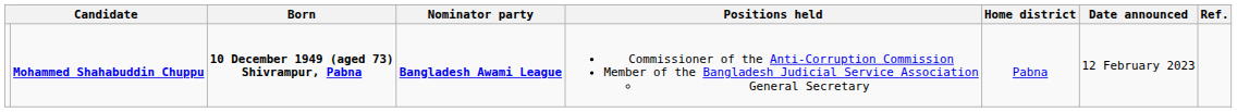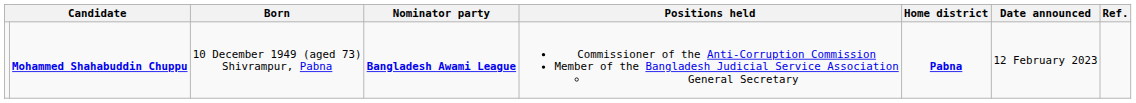 <table class="wikitable" style="text-align:center">
 <tr>
 <th colspan=2>Candidate</th>
 <th>Born</th>
 <th>Nominator party</th>
 <th>Positions held</th>
 <th>Home district</th>
 <th>Date announced</th>
 <th>Ref.</th>
 </tr>
 <tr>
 <td></td>
 <td><br><strong><a href='#'>Mohammed Shahabuddin Chuppu</a></strong></td>
-<td><strong>10 December 1949 (aged 73) <br> Shivrampur, <a href='#'>Pabna</a></strong></td>
+<td>10 December 1949 (aged 73) <br> Shivrampur, <a href='#'>Pabna</a></td>
 <td><br><strong><a href='#'>Bangladesh Awami League</a></strong></td>
 <td><br><ul><li>Commissioner of the <a href='#'>Anti-Corruption Commission</a> </li><li>Member of the <a href='#'>Bangladesh Judicial Service Association</a> <ul><li>General Secretary </li></ul></li></ul></td>
-<td><br><a href='#'>Pabna</a></td>
+<td><strong><br><a href='#'>Pabna</a></strong></td>
 <td rowspan="2">12 February 2023</td>
 <td></td>
 </tr>
 </table>
